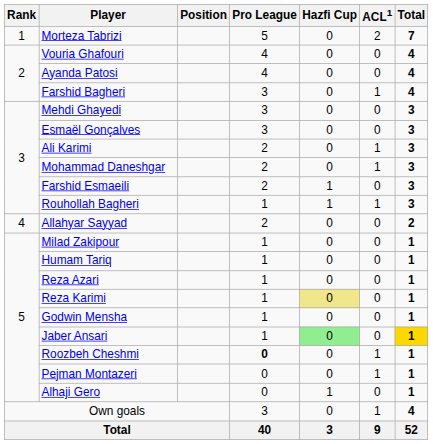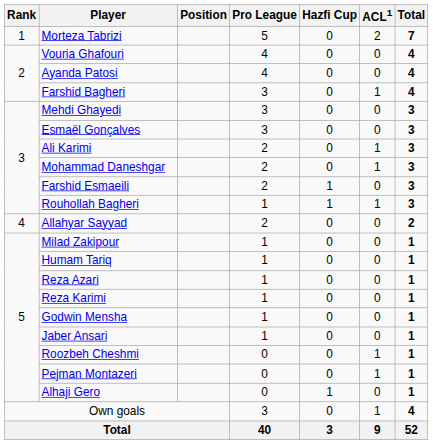 <table class="wikitable">
 <tr>
 <th>Rank</th>
 <th style="width:180px;">Player</th>
 <th>Position</th>
 <th>Pro League</th>
 <th>Hazfi Cup</th>
 <th>ACL<sup>1</sup></th>
 <th>Total</th>
 </tr>
 <tr>
 <td align=center>1</td>
 <td> <a href='#'>Morteza Tabrizi</a></td>
 <td align=center></td>
 <td align=center>5</td>
 <td align=center>0</td>
 <td align=center>2</td>
 <td align=center><strong>7</strong></td>
 </tr>
 <tr>
 <td align=center rowspan=3>2</td>
 <td> <a href='#'>Vouria Ghafouri</a></td>
 <td align=center></td>
 <td align=center>4</td>
 <td align=center>0</td>
 <td align=center>0</td>
 <td align=center><strong>4</strong></td>
 </tr>
 <tr>
 <td> <a href='#'>Ayanda Patosi</a></td>
 <td align=center></td>
 <td align=center>4</td>
 <td align=center>0</td>
 <td align=center>0</td>
 <td align=center><strong>4</strong></td>
 </tr>
 <tr>
 <td> <a href='#'>Farshid Bagheri</a></td>
 <td align=center></td>
 <td align=center>3</td>
 <td align=center>0</td>
 <td align=center>1</td>
 <td align=center><strong>4</strong></td>
 </tr>
 <tr>
 <td align=center rowspan=6>3</td>
 <td> <a href='#'>Mehdi Ghayedi</a></td>
 <td align=center></td>
 <td align=center>3</td>
 <td align=center>0</td>
 <td align=center>0</td>
 <td align=center><strong>3</strong></td>
 </tr>
 <tr>
 <td> <a href='#'>Esmaël Gonçalves</a></td>
 <td align=center></td>
 <td align=center>3</td>
 <td align=center>0</td>
 <td align=center>0</td>
 <td align=center><strong>3</strong></td>
 </tr>
 <tr>
 <td> <a href='#'>Ali Karimi</a></td>
 <td align=center></td>
 <td align=center>2</td>
 <td align=center>0</td>
 <td align=center>1</td>
 <td align=center><strong>3</strong></td>
 </tr>
 <tr>
 <td> <a href='#'>Mohammad Daneshgar</a></td>
 <td align=center></td>
 <td align=center>2</td>
 <td align=center>0</td>
 <td align=center>1</td>
 <td align=center><strong>3</strong></td>
 </tr>
 <tr>
 <td> <a href='#'>Farshid Esmaeili</a></td>
 <td align=center></td>
 <td align=center>2</td>
 <td align=center>1</td>
 <td align=center>0</td>
 <td align=center><strong>3</strong></td>
 </tr>
 <tr>
 <td> <a href='#'>Rouhollah Bagheri</a></td>
 <td align=center></td>
 <td align=center>1</td>
 <td align=center>1</td>
 <td align=center>1</td>
 <td align=center><strong>3</strong></td>
 </tr>
 <tr>
 <td align=center>4</td>
 <td> <a href='#'>Allahyar Sayyad</a></td>
 <td align=center></td>
 <td align=center>2</td>
 <td align=center>0</td>
 <td align=center>0</td>
 <td align=center><strong>2</strong></td>
 </tr>
 <tr>
 <td align=center rowspan=9>5</td>
 <td> <a href='#'>Milad Zakipour</a></td>
 <td align=center></td>
 <td align=center>1</td>
 <td align=center>0</td>
 <td align=center>0</td>
 <td align=center><strong>1</strong></td>
 </tr>
 <tr>
 <td> <a href='#'>Humam Tariq</a></td>
 <td align=center></td>
 <td align=center>1</td>
 <td align=center>0</td>
 <td align=center>0</td>
 <td align=center><strong>1</strong></td>
 </tr>
 <tr>
 <td> <a href='#'>Reza Azari</a></td>
 <td align=center></td>
 <td align=center>1</td>
 <td align=center>0</td>
 <td align=center>0</td>
 <td align=center><strong>1</strong></td>
 </tr>
 <tr>
 <td> <a href='#'>Reza Karimi</a></td>
 <td align=center></td>
 <td align=center>1</td>
-<td align=center style="background: khaki;">0</td>
+<td align=center>0</td>
 <td align=center>0</td>
 <td align=center><strong>1</strong></td>
 </tr>
 <tr>
 <td> <a href='#'>Godwin Mensha</a></td>
 <td align=center></td>
 <td align=center>1</td>
 <td align=center>0</td>
 <td align=center>0</td>
 <td align=center><strong>1</strong></td>
 </tr>
 <tr>
 <td> <a href='#'>Jaber Ansari</a></td>
 <td align=center></td>
 <td align=center>1</td>
-<td align=center style="background: lightgreen;">0</td>
 <td align=center>0</td>
-<td align=center style="background: gold;"><strong>1</strong></td>
+<td align=center>0</td>
+<td align=center><strong>1</strong></td>
 </tr>
 <tr>
 <td> <a href='#'>Roozbeh Cheshmi</a></td>
 <td align=center></td>
-<td align=center><strong>0</strong></td>
+<td align=center>0</td>
 <td align=center>0</td>
 <td align=center>1</td>
 <td align=center><strong>1</strong></td>
 </tr>
 <tr>
 <td> <a href='#'>Pejman Montazeri</a></td>
 <td align=center></td>
 <td align=center>0</td>
 <td align=center>0</td>
 <td align=center>1</td>
 <td align=center><strong>1</strong></td>
 </tr>
 <tr>
 <td> <a href='#'>Alhaji Gero</a></td>
 <td align=center></td>
 <td align=center>0</td>
 <td align=center>1</td>
 <td align=center>0</td>
 <td align=center><strong>1</strong></td>
 </tr>
 <tr>
 <td colspan=3 align=center>Own goals</td>
 <td align=center>3</td>
 <td align=center>0</td>
 <td align=center>1</td>
 <td align=center><strong>4</strong></td>
 </tr>
 <tr>
 <th align=center colspan=3>Total</th>
 <th align=center>40</th>
 <th align=center>3</th>
 <th align=center>9</th>
 <th align=center>52</th>
 </tr>
 </table>
